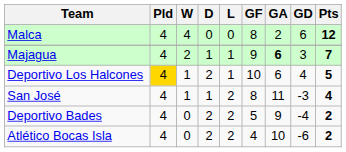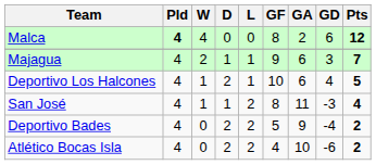 <table class="wikitable" style="text-align: center">
 <tr>
 <th width="175">Team</th>
 <th width="20">Pld</th>
 <th width="20">W</th>
 <th width="20">D</th>
 <th width="20">L</th>
 <th width="20">GF</th>
 <th width="20">GA</th>
 <th width="20">GD</th>
 <th width="20">Pts</th>
 </tr>
 <tr bgcolor=#CCFFCC>
 <td align=left><a href='#'>Malca</a></td>
-<td>4</td>
+<td><strong>4</strong></td>
 <td>4</td>
 <td>0</td>
 <td>0</td>
 <td>8</td>
 <td>2</td>
 <td>6</td>
 <td><strong>12</strong></td>
 </tr>
 <tr>
 </tr>
 <tr bgcolor=#CCFFCC>
 <td align=left><a href='#'>Majagua</a></td>
 <td>4</td>
 <td>2</td>
 <td>1</td>
 <td>1</td>
 <td>9</td>
-<td><strong>6</strong></td>
+<td>6</td>
 <td>3</td>
 <td><strong>7</strong></td>
 </tr>
 <tr>
 <td align=left><a href='#'>Deportivo Los Halcones</a></td>
-<td style="background: gold;">4</td>
+<td>4</td>
 <td>1</td>
 <td>2</td>
 <td>1</td>
 <td>10</td>
 <td>6</td>
 <td>4</td>
 <td><strong>5</strong></td>
 </tr>
 <tr>
 <td align=left><a href='#'>San José</a></td>
 <td>4</td>
 <td>1</td>
 <td>1</td>
 <td>2</td>
 <td>8</td>
 <td>11</td>
 <td>-3</td>
 <td><strong>4</strong></td>
 </tr>
 <tr>
 <td align=left><a href='#'>Deportivo Bades</a></td>
 <td>4</td>
 <td>0</td>
 <td>2</td>
 <td>2</td>
 <td>5</td>
 <td>9</td>
 <td>-4</td>
 <td><strong>2</strong></td>
 </tr>
 <tr>
 <td align=left><a href='#'>Atlético Bocas Isla</a></td>
 <td>4</td>
 <td>0</td>
 <td>2</td>
 <td>2</td>
 <td>4</td>
 <td>10</td>
 <td>-6</td>
 <td><strong>2</strong></td>
 </tr>
 </table>
